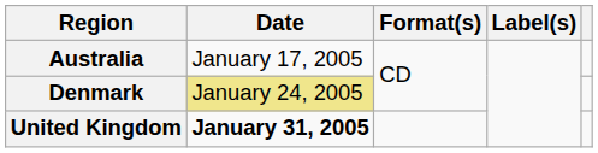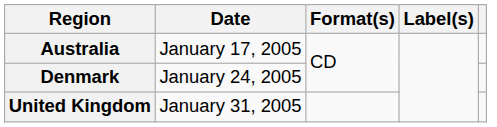 <table class="wikitable plainrowheaders">
 <tr>
 <th scope="col">Region</th>
 <th scope="col">Date</th>
 <th scope="col">Format(s)</th>
 <th scope="col">Label(s)</th>
 <th scope="col"></th>
 </tr>
 <tr>
 <th scope="row">Australia</th>
 <td>January 17, 2005</td>
 <td rowspan="2">CD</td>
 <td rowspan="3"></td>
 <td></td>
 </tr>
 <tr>
 <th scope="row">Denmark</th>
-<td style="background: khaki;">January 24, 2005</td>
+<td>January 24, 2005</td>
 <td></td>
 </tr>
 <tr>
 <th scope="row">United Kingdom</th>
-<td><strong>January 31, 2005</strong></td>
+<td>January 31, 2005</td>
 <td></td>
 <td></td>
 </tr>
 </table>
